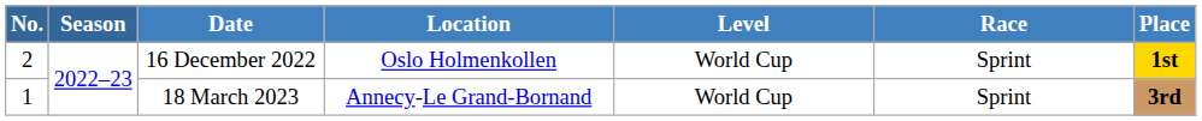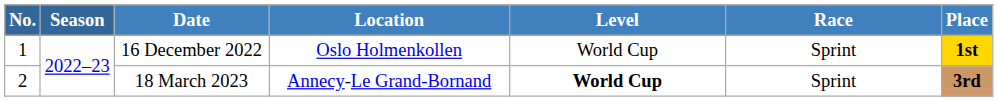 <table class="wikitable sortable" style="font-size:95%; text-align:center; border:grey solid 1px; border-collapse:collapse; background:#ffffff;">
 <tr style="background:#efefef;">
 <th style="background-color:#369; color:white;">No.</th>
 <th style="background-color:#369; color:white;">Season</th>
 <th style="background-color:#4180be; color:white; width:120px;">Date</th>
 <th style="background-color:#4180be; color:white; width:190px;">Location</th>
 <th style="background-color:#4180be; color:white; width:170px;">Level</th>
 <th style="background-color:#4180be; color:white; width:170px;">Race</th>
 <th style="background-color:#4180be; color:white;">Place</th>
 </tr>
 <tr>
-<td align=center>2</td>
+<td align=center>1</td>
 <td rowspan="2" align="center"><a href='#'>2022–23</a></td>
 <td>16 December 2022</td>
 <td> <a href='#'>Oslo Holmenkollen</a></td>
 <td>World Cup</td>
 <td>Sprint</td>
 <td align=center bgcolor="gold"><strong>1st</strong></td>
 </tr>
 <tr>
-<td align=center>1</td>
+<td align=center>2</td>
 <td>18 March 2023</td>
 <td> <a href='#'>Annecy</a>-<a href='#'>Le Grand-Bornand</a></td>
-<td>World Cup</td>
+<td><strong>World Cup</strong></td>
 <td>Sprint</td>
 <td align=center bgcolor="cc9966"><strong>3rd</strong></td>
 </tr>
 </table>
